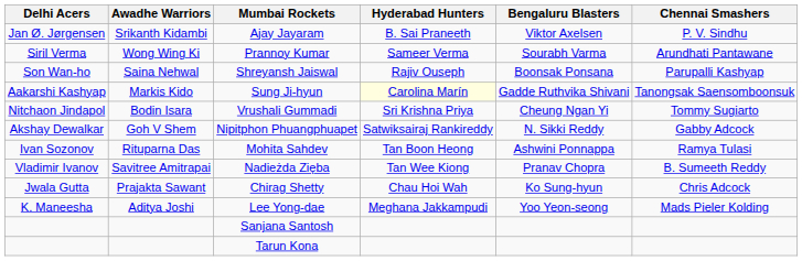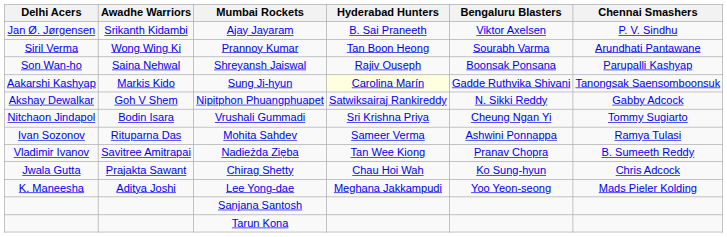 <table class="wikitable" style="text-align:center;">
 <tr>
 <th>Delhi Acers</th>
 <th>Awadhe Warriors</th>
 <th>Mumbai Rockets</th>
 <th>Hyderabad Hunters</th>
 <th>Bengaluru Blasters</th>
 <th>Chennai Smashers</th>
 </tr>
 <tr>
 <td><a href='#'>Jan Ø. Jørgensen</a></td>
 <td><a href='#'>Srikanth Kidambi</a></td>
 <td><a href='#'>Ajay Jayaram</a></td>
 <td><a href='#'>B. Sai Praneeth</a></td>
 <td><a href='#'>Viktor Axelsen</a></td>
 <td><a href='#'>P. V. Sindhu</a></td>
 </tr>
 <tr>
 <td><a href='#'>Siril Verma</a></td>
 <td><a href='#'>Wong Wing Ki</a></td>
 <td><a href='#'>Prannoy Kumar</a></td>
-<td><a href='#'>Sameer Verma</a></td>
+<td><a href='#'>Tan Boon Heong</a></td>
 <td><a href='#'>Sourabh Varma</a></td>
 <td><a href='#'>Arundhati Pantawane</a></td>
 </tr>
 <tr>
 <td><a href='#'>Son Wan-ho</a></td>
 <td><a href='#'>Saina Nehwal</a></td>
 <td><a href='#'>Shreyansh Jaiswal</a></td>
 <td><a href='#'>Rajiv Ouseph</a></td>
 <td><a href='#'>Boonsak Ponsana</a></td>
 <td><a href='#'>Parupalli Kashyap</a></td>
 </tr>
 <tr>
 <td><a href='#'>Aakarshi Kashyap</a></td>
 <td><a href='#'>Markis Kido</a></td>
 <td><a href='#'>Sung Ji-hyun</a></td>
 <td style="background: lightyellow;"><a href='#'>Carolina Marín</a></td>
 <td><a href='#'>Gadde Ruthvika Shivani</a></td>
 <td><a href='#'>Tanongsak Saensomboonsuk</a></td>
 </tr>
 <tr>
+<td><a href='#'>Akshay Dewalkar</a></td>
+<td><a href='#'>Goh V Shem</a></td>
+<td><a href='#'>Nipitphon Phuangphuapet</a></td>
+<td><a href='#'>Satwiksairaj Rankireddy</a></td>
+<td><a href='#'>N. Sikki Reddy</a></td>
+<td><a href='#'>Gabby Adcock</a></td>
+</tr>
+<tr>
 <td><a href='#'>Nitchaon Jindapol</a></td>
 <td><a href='#'>Bodin Isara</a></td>
 <td><a href='#'>Vrushali Gummadi</a></td>
 <td><a href='#'>Sri Krishna Priya</a></td>
 <td><a href='#'>Cheung Ngan Yi</a></td>
 <td><a href='#'>Tommy Sugiarto</a></td>
 </tr>
 <tr>
-<td><a href='#'>Akshay Dewalkar</a></td>
-<td><a href='#'>Goh V Shem</a></td>
-<td><a href='#'>Nipitphon Phuangphuapet</a></td>
-<td><a href='#'>Satwiksairaj Rankireddy</a></td>
-<td><a href='#'>N. Sikki Reddy</a></td>
-<td><a href='#'>Gabby Adcock</a></td>
-</tr>
-<tr>
 <td><a href='#'>Ivan Sozonov</a></td>
 <td><a href='#'>Rituparna Das</a></td>
 <td><a href='#'>Mohita Sahdev</a></td>
-<td><a href='#'>Tan Boon Heong</a></td>
+<td><a href='#'>Sameer Verma</a></td>
 <td><a href='#'>Ashwini Ponnappa</a></td>
 <td><a href='#'>Ramya Tulasi</a></td>
 </tr>
 <tr>
 <td><a href='#'>Vladimir Ivanov</a></td>
 <td><a href='#'>Savitree Amitrapai</a></td>
 <td><a href='#'>Nadieżda Zięba</a></td>
 <td><a href='#'>Tan Wee Kiong</a></td>
 <td><a href='#'>Pranav Chopra</a></td>
 <td><a href='#'>B. Sumeeth Reddy</a></td>
 </tr>
 <tr>
 <td><a href='#'>Jwala Gutta</a></td>
 <td><a href='#'>Prajakta Sawant</a></td>
 <td><a href='#'>Chirag Shetty</a></td>
 <td><a href='#'>Chau Hoi Wah</a></td>
 <td><a href='#'>Ko Sung-hyun</a></td>
 <td><a href='#'>Chris Adcock</a></td>
 </tr>
 <tr>
 <td><a href='#'>K. Maneesha</a></td>
 <td><a href='#'>Aditya Joshi</a></td>
 <td><a href='#'>Lee Yong-dae</a></td>
 <td><a href='#'>Meghana Jakkampudi</a></td>
 <td><a href='#'>Yoo Yeon-seong</a></td>
 <td><a href='#'>Mads Pieler Kolding</a></td>
 </tr>
 <tr>
 <td></td>
 <td></td>
 <td><a href='#'>Sanjana Santosh</a></td>
 <td></td>
 <td></td>
 <td></td>
 </tr>
 <tr>
 <td></td>
 <td></td>
 <td><a href='#'>Tarun Kona</a></td>
 <td></td>
 <td></td>
 <td></td>
 </tr>
 </table>
